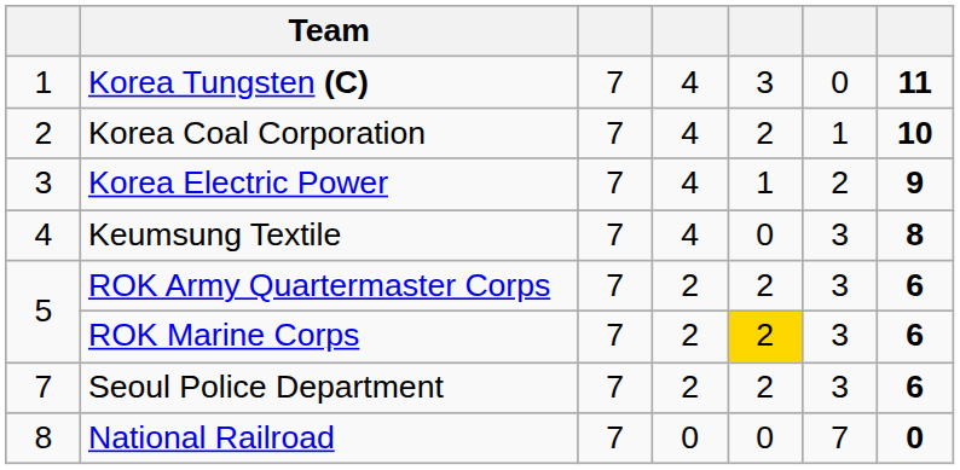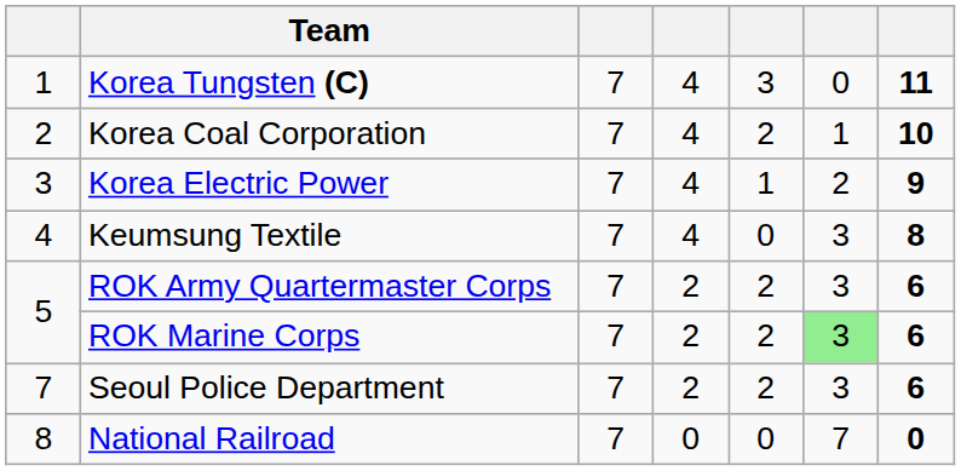 <table class="wikitable" style="text-align:center;">
 <tr>
 <th width=30></th>
 <th width=240>Team</th>
 <th width=30></th>
 <th width=30></th>
 <th width=30></th>
 <th width=30></th>
 <th width=30></th>
 </tr>
 <tr>
 <td>1</td>
 <td align=left><a href='#'>Korea Tungsten</a> <strong>(C)</strong></td>
 <td>7</td>
 <td>4</td>
 <td>3</td>
 <td>0</td>
 <td><strong>11</strong></td>
 </tr>
 <tr>
 <td>2</td>
 <td align=left>Korea Coal Corporation</td>
 <td>7</td>
 <td>4</td>
 <td>2</td>
 <td>1</td>
 <td><strong>10</strong></td>
 </tr>
 <tr>
 <td>3</td>
 <td align=left><a href='#'>Korea Electric Power</a></td>
 <td>7</td>
 <td>4</td>
 <td>1</td>
 <td>2</td>
 <td><strong>9</strong></td>
 </tr>
 <tr>
 <td>4</td>
 <td align=left>Keumsung Textile</td>
 <td>7</td>
 <td>4</td>
 <td>0</td>
 <td>3</td>
 <td><strong>8</strong></td>
 </tr>
 <tr>
 <td rowspan="2">5</td>
 <td align=left><a href='#'>ROK Army Quartermaster Corps</a></td>
 <td>7</td>
 <td>2</td>
 <td>2</td>
 <td>3</td>
 <td><strong>6</strong></td>
 </tr>
 <tr>
 <td align=left><a href='#'>ROK Marine Corps</a></td>
 <td>7</td>
 <td>2</td>
-<td style="background: gold;">2</td>
-<td>3</td>
+<td>2</td>
+<td style="background: lightgreen;">3</td>
 <td><strong>6</strong></td>
 </tr>
 <tr>
 <td>7</td>
 <td align=left>Seoul Police Department</td>
 <td>7</td>
 <td>2</td>
 <td>2</td>
 <td>3</td>
 <td><strong>6</strong></td>
 </tr>
 <tr>
 <td>8</td>
 <td align=left><a href='#'>National Railroad</a></td>
 <td>7</td>
 <td>0</td>
 <td>0</td>
 <td>7</td>
 <td><strong>0</strong></td>
 </tr>
 </table>
